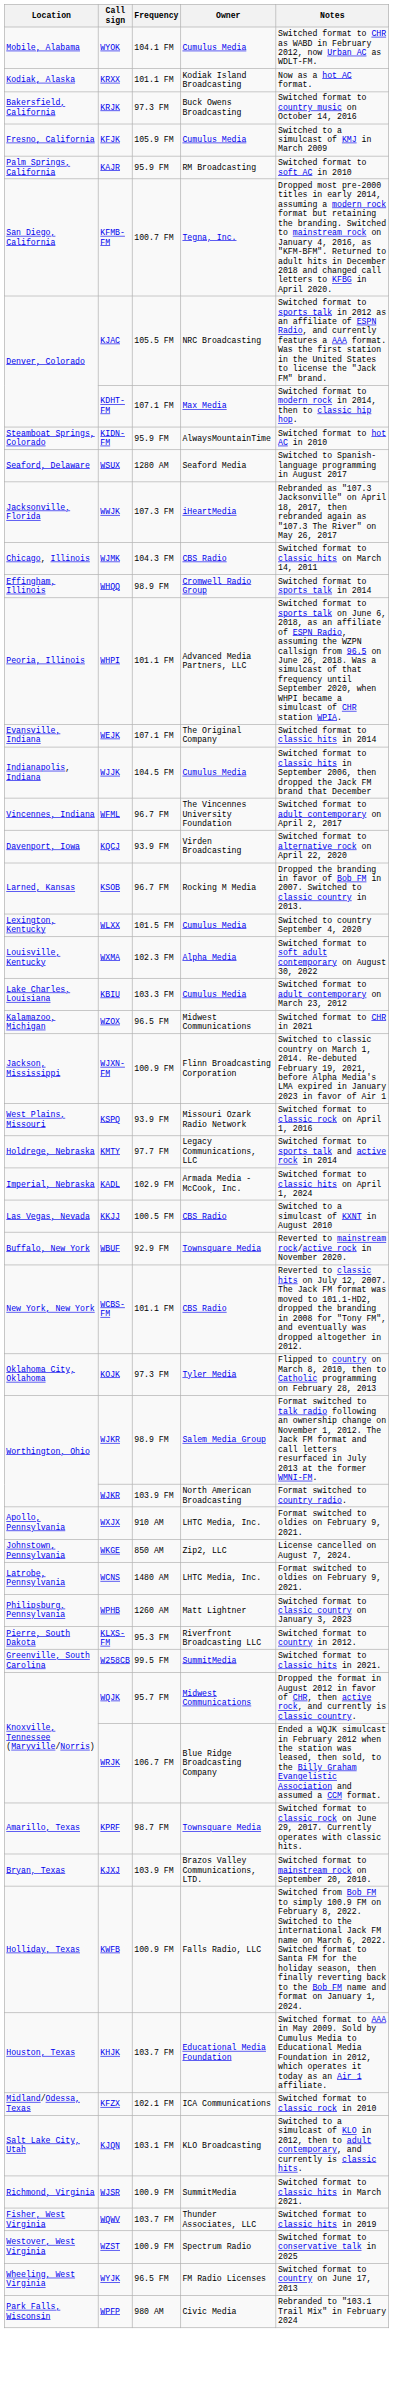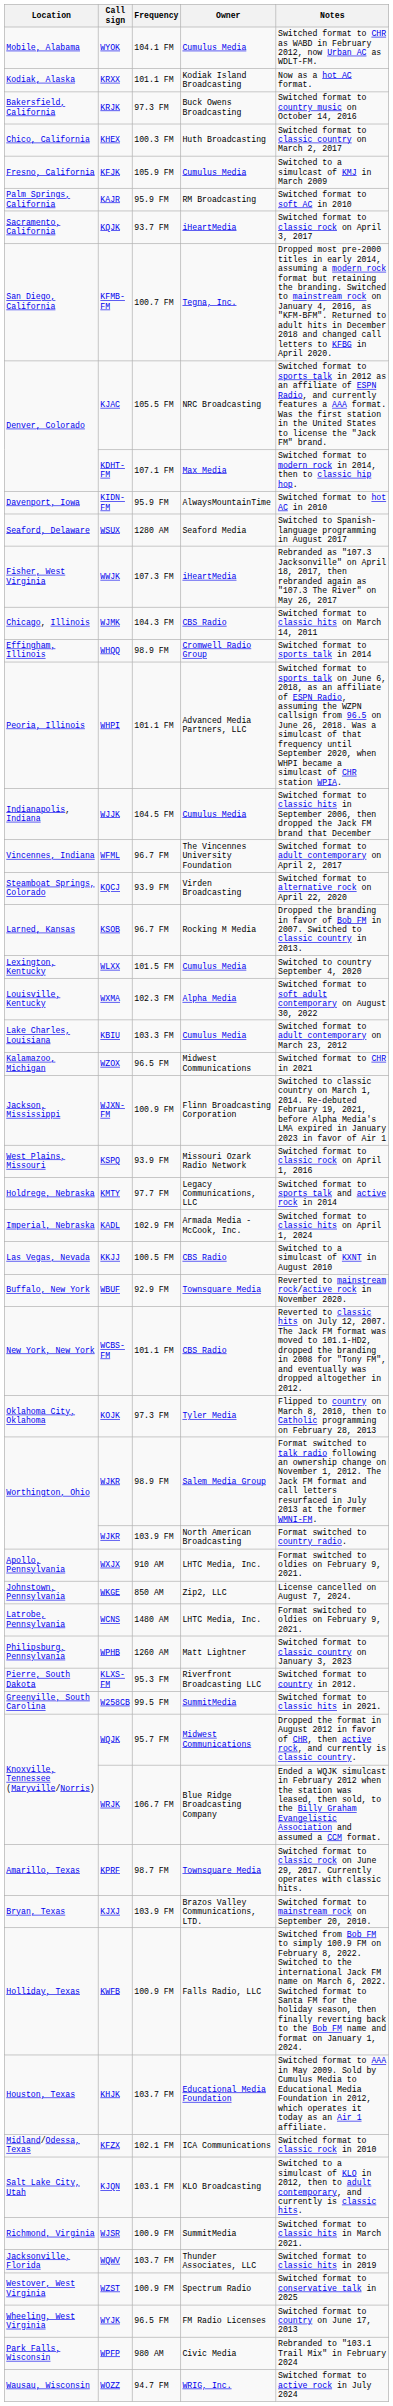 <table class="wikitable sortable">
 <tr>
 <th>Location</th>
 <th>Call sign</th>
 <th>Frequency</th>
 <th>Owner</th>
 <th>Notes</th>
 </tr>
 <tr>
 <td><a href='#'>Mobile, Alabama</a></td>
 <td><a href='#'>WYOK</a></td>
 <td>104.1 FM</td>
 <td><a href='#'>Cumulus Media</a></td>
 <td>Switched format to <a href='#'>CHR</a> as WABD in February 2012, now <a href='#'>Urban AC</a> as WDLT-FM.</td>
 </tr>
 <tr>
 <td><a href='#'>Kodiak, Alaska</a></td>
 <td><a href='#'>KRXX</a></td>
 <td>101.1 FM</td>
 <td>Kodiak Island Broadcasting</td>
 <td>Now as a <a href='#'>hot AC</a> format.</td>
 </tr>
 <tr>
 <td><a href='#'>Bakersfield, California</a></td>
 <td><a href='#'>KRJK</a></td>
 <td>97.3 FM</td>
 <td>Buck Owens Broadcasting</td>
 <td>Switched format to <a href='#'>country music</a> on October 14, 2016</td>
 </tr>
 <tr>
+<td><a href='#'>Chico, California</a></td>
+<td><a href='#'>KHEX</a></td>
+<td>100.3 FM</td>
+<td>Huth Broadcasting</td>
+<td>Switched format to <a href='#'>classic country</a> on March 2, 2017</td>
+</tr>
+<tr>
 <td><a href='#'>Fresno, California</a></td>
 <td><a href='#'>KFJK</a></td>
 <td>105.9 FM</td>
 <td><a href='#'>Cumulus Media</a></td>
 <td>Switched to a simulcast of <a href='#'>KMJ</a> in March 2009</td>
 </tr>
 <tr>
 <td><a href='#'>Palm Springs, California</a></td>
 <td><a href='#'>KAJR</a></td>
 <td>95.9 FM</td>
 <td>RM Broadcasting</td>
 <td>Switched format to <a href='#'>soft AC</a> in 2010</td>
+</tr>
+<tr>
+<td><a href='#'>Sacramento, California</a></td>
+<td><a href='#'>KQJK</a></td>
+<td>93.7 FM</td>
+<td><a href='#'>iHeartMedia</a></td>
+<td>Switched format to <a href='#'>classic rock</a> on April 3, 2017</td>
 </tr>
 <tr>
 <td><a href='#'>San Diego, California</a></td>
 <td><a href='#'>KFMB-FM</a></td>
 <td>100.7 FM</td>
 <td><a href='#'>Tegna, Inc.</a></td>
 <td>Dropped most pre-2000 titles in early 2014, assuming a <a href='#'>modern rock</a> format but retaining the branding. Switched to <a href='#'>mainstream rock</a> on January 4, 2016, as "KFM-BFM".  Returned to adult hits in December 2018 and changed call letters to <a href='#'>KFBG</a> in April 2020.</td>
 </tr>
 <tr>
 <td rowspan="2"><a href='#'>Denver, Colorado</a></td>
 <td><a href='#'>KJAC</a></td>
 <td>105.5 FM</td>
 <td>NRC Broadcasting</td>
 <td>Switched format to <a href='#'>sports talk</a> in 2012 as an affiliate of <a href='#'>ESPN Radio</a>, and currently features a <a href='#'>AAA</a> format. Was the first station in the United States to license the "Jack FM" brand.</td>
 </tr>
 <tr>
 <td><a href='#'>KDHT-FM</a></td>
 <td>107.1 FM</td>
 <td><a href='#'>Max Media</a></td>
 <td>Switched format to <a href='#'>modern rock</a> in 2014, then to <a href='#'>classic hip hop</a>.</td>
 </tr>
 <tr>
-<td><a href='#'>Steamboat Springs, Colorado</a></td>
+<td><a href='#'>Davenport, Iowa</a></td>
 <td><a href='#'>KIDN-FM</a></td>
 <td>95.9 FM</td>
 <td>AlwaysMountainTime</td>
 <td>Switched format to <a href='#'>hot AC</a> in 2010</td>
 </tr>
 <tr>
 <td><a href='#'>Seaford, Delaware</a></td>
 <td><a href='#'>WSUX</a></td>
 <td>1280 AM</td>
 <td>Seaford Media</td>
 <td>Switched to Spanish-language programming in August 2017</td>
 </tr>
 <tr>
-<td><a href='#'>Jacksonville, Florida</a></td>
+<td><a href='#'>Fisher, West Virginia</a></td>
 <td><a href='#'>WWJK</a></td>
 <td>107.3 FM</td>
 <td><a href='#'>iHeartMedia</a></td>
 <td>Rebranded as "107.3 Jacksonville" on April 18, 2017, then rebranded again as "107.3 The River" on May 26, 2017</td>
 </tr>
 <tr>
 <td><a href='#'>Chicago</a>, <a href='#'>Illinois</a></td>
 <td><a href='#'>WJMK</a></td>
 <td>104.3 FM</td>
 <td><a href='#'>CBS Radio</a></td>
 <td>Switched format to <a href='#'>classic hits</a> on March 14, 2011</td>
 </tr>
 <tr>
 <td><a href='#'>Effingham, Illinois</a></td>
 <td><a href='#'>WHQQ</a></td>
 <td>98.9 FM</td>
 <td><a href='#'>Cromwell Radio Group</a></td>
 <td>Switched format to <a href='#'>sports talk</a> in 2014</td>
 </tr>
 <tr>
 <td><a href='#'>Peoria, Illinois</a></td>
 <td><a href='#'>WHPI</a></td>
 <td>101.1 FM</td>
 <td>Advanced Media Partners, LLC</td>
 <td>Switched format to <a href='#'>sports talk</a> on June 6, 2018, as an affiliate of <a href='#'>ESPN Radio</a>, assuming the WZPN callsign from <a href='#'>96.5</a> on June 26, 2018. Was a simulcast of that frequency until September 2020, when WHPI became a simulcast of <a href='#'>CHR</a> station <a href='#'>WPIA</a>.</td>
 </tr>
 <tr>
-<td><a href='#'>Evansville, Indiana</a></td>
-<td><a href='#'>WEJK</a></td>
-<td>107.1 FM</td>
-<td>The Original Company</td>
-<td>Switched format to <a href='#'>classic hits</a> in 2014</td>
-</tr>
-<tr>
 <td><a href='#'>Indianapolis</a>, <a href='#'>Indiana</a></td>
 <td><a href='#'>WJJK</a></td>
 <td>104.5 FM</td>
 <td><a href='#'>Cumulus Media</a></td>
 <td>Switched format to <a href='#'>classic hits</a> in September 2006, then dropped the Jack FM brand that December</td>
 </tr>
 <tr>
 <td><a href='#'>Vincennes, Indiana</a></td>
 <td><a href='#'>WFML</a></td>
 <td>96.7 FM</td>
 <td>The Vincennes University Foundation</td>
 <td>Switched format to <a href='#'>adult contemporary</a> on April 2, 2017</td>
 </tr>
 <tr>
-<td><a href='#'>Davenport, Iowa</a></td>
+<td><a href='#'>Steamboat Springs, Colorado</a></td>
 <td><a href='#'>KQCJ</a></td>
 <td>93.9 FM</td>
 <td>Virden Broadcasting</td>
 <td>Switched format to <a href='#'>alternative rock</a> on April 22, 2020</td>
 </tr>
 <tr>
 <td><a href='#'>Larned, Kansas</a></td>
 <td><a href='#'>KSOB</a></td>
 <td>96.7 FM</td>
 <td>Rocking M Media</td>
 <td>Dropped the branding in favor of <a href='#'>Bob FM</a> in 2007. Switched to <a href='#'>classic country</a> in 2013.</td>
 </tr>
 <tr>
 <td><a href='#'>Lexington, Kentucky</a></td>
 <td><a href='#'>WLXX</a></td>
 <td>101.5 FM</td>
 <td><a href='#'>Cumulus Media</a></td>
 <td>Switched to country September 4, 2020</td>
 </tr>
 <tr>
 <td><a href='#'>Louisville, Kentucky</a></td>
 <td><a href='#'>WXMA</a></td>
 <td>102.3 FM</td>
 <td><a href='#'>Alpha Media</a></td>
 <td>Switched format to <a href='#'>soft adult contemporary</a> on August 30, 2022</td>
 </tr>
 <tr>
 <td><a href='#'>Lake Charles, Louisiana</a></td>
 <td><a href='#'>KBIU</a></td>
 <td>103.3 FM</td>
 <td><a href='#'>Cumulus Media</a></td>
 <td>Switched format to <a href='#'>adult contemporary</a> on March 23, 2012</td>
 </tr>
 <tr>
 <td><a href='#'>Kalamazoo, Michigan</a></td>
 <td><a href='#'>WZOX</a></td>
 <td>96.5 FM</td>
 <td>Midwest Communications</td>
 <td>Switched format to <a href='#'>CHR</a> in 2021</td>
 </tr>
 <tr>
 <td><a href='#'>Jackson, Mississippi</a></td>
 <td><a href='#'>WJXN-FM</a></td>
 <td>100.9 FM</td>
 <td>Flinn Broadcasting Corporation</td>
 <td>Switched to classic country on March 1, 2014.  Re-debuted February 19, 2021, before Alpha Media's LMA expired in January 2023 in favor of Air 1</td>
 </tr>
 <tr>
 <td><a href='#'>West Plains, Missouri</a></td>
 <td><a href='#'>KSPQ</a></td>
 <td>93.9 FM</td>
 <td>Missouri Ozark Radio Network</td>
 <td>Switched format to <a href='#'>classic rock</a> on April 1, 2016</td>
 </tr>
 <tr>
 <td><a href='#'>Holdrege, Nebraska</a></td>
 <td><a href='#'>KMTY</a></td>
 <td>97.7 FM</td>
 <td>Legacy Communications, LLC</td>
 <td>Switched format to <a href='#'>sports talk</a> and <a href='#'>active rock</a> in 2014</td>
 </tr>
 <tr>
 <td><a href='#'>Imperial, Nebraska</a></td>
 <td><a href='#'>KADL</a></td>
 <td>102.9 FM</td>
 <td>Armada Media - McCook, Inc.</td>
 <td>Switched format to <a href='#'>classic hits</a> on April 1, 2024</td>
 </tr>
 <tr>
 <td><a href='#'>Las Vegas, Nevada</a></td>
 <td><a href='#'>KKJJ</a></td>
 <td>100.5 FM</td>
 <td><a href='#'>CBS Radio</a></td>
 <td>Switched to a simulcast of <a href='#'>KXNT</a> in August 2010</td>
 </tr>
 <tr>
 <td><a href='#'>Buffalo, New York</a></td>
 <td><a href='#'>WBUF</a></td>
 <td>92.9 FM</td>
 <td><a href='#'>Townsquare Media</a></td>
 <td>Reverted to <a href='#'>mainstream rock</a>/<a href='#'>active rock</a> in November 2020.</td>
 </tr>
 <tr>
 <td><a href='#'>New York, New York</a></td>
 <td><a href='#'>WCBS-FM</a></td>
 <td>101.1 FM</td>
 <td><a href='#'>CBS Radio</a></td>
 <td>Reverted to <a href='#'>classic hits</a> on July 12, 2007. The Jack FM format was moved to 101.1-HD2, dropped the branding in 2008 for "Tony FM", and eventually was dropped altogether in 2012.</td>
 </tr>
 <tr>
 <td><a href='#'>Oklahoma City, Oklahoma</a></td>
 <td><a href='#'>KOJK</a></td>
 <td>97.3 FM</td>
 <td><a href='#'>Tyler Media</a></td>
 <td>Flipped to <a href='#'>country</a> on March 8, 2010, then to <a href='#'>Catholic</a> programming on February 28, 2013</td>
 </tr>
 <tr>
 <td rowspan="2"><a href='#'>Worthington, Ohio</a></td>
 <td><a href='#'>WJKR</a></td>
 <td>98.9 FM</td>
 <td><a href='#'>Salem Media Group</a></td>
 <td>Format switched to <a href='#'>talk radio</a> following an ownership change on November 1, 2012. The Jack FM format and call letters resurfaced in July 2013 at the former <a href='#'>WMNI-FM</a>.</td>
 </tr>
 <tr>
 <td><a href='#'>WJKR</a></td>
 <td>103.9 FM</td>
 <td>North American Broadcasting</td>
 <td>Format switched to <a href='#'>country radio</a>.</td>
 </tr>
 <tr>
 <td><a href='#'>Apollo, Pennsylvania</a></td>
 <td><a href='#'>WXJX</a></td>
 <td>910 AM</td>
 <td>LHTC Media, Inc.</td>
 <td>Format switched to oldies on February 9, 2021.</td>
 </tr>
 <tr>
 <td><a href='#'>Johnstown, Pennsylvania</a></td>
 <td><a href='#'>WKGE</a></td>
 <td>850 AM</td>
 <td>Zip2, LLC</td>
 <td>License cancelled on August 7, 2024.</td>
 </tr>
 <tr>
 <td><a href='#'>Latrobe, Pennsylvania</a></td>
 <td><a href='#'>WCNS</a></td>
 <td>1480 AM</td>
 <td>LHTC Media, Inc.</td>
 <td>Format switched to oldies on February 9, 2021.</td>
 </tr>
 <tr>
 <td><a href='#'>Philipsburg, Pennsylvania</a></td>
 <td><a href='#'>WPHB</a></td>
 <td>1260 AM</td>
 <td>Matt Lightner</td>
 <td>Switched format to <a href='#'>classic country</a> on January 3, 2023</td>
 </tr>
 <tr>
 <td><a href='#'>Pierre, South Dakota</a></td>
 <td><a href='#'>KLXS-FM</a></td>
 <td>95.3 FM</td>
 <td>Riverfront Broadcasting LLC</td>
 <td>Switched format to <a href='#'>country</a> in 2012.</td>
 </tr>
 <tr>
 <td><a href='#'>Greenville, South Carolina</a></td>
 <td><a href='#'>W258CB</a></td>
 <td>99.5 FM</td>
 <td><a href='#'>SummitMedia</a></td>
 <td>Switched format to <a href='#'>classic hits</a> in 2021.</td>
 </tr>
 <tr>
 <td rowspan="2"><a href='#'>Knoxville, Tennessee</a><br>(<a href='#'>Maryville</a>/<a href='#'>Norris</a>)</td>
 <td><a href='#'>WQJK</a></td>
 <td>95.7 FM</td>
 <td><a href='#'>Midwest Communications</a></td>
 <td>Dropped the format in August 2012 in favor of <a href='#'>CHR</a>, then <a href='#'>active rock</a>, and currently is <a href='#'>classic country</a>.</td>
 </tr>
 <tr>
 <td><a href='#'>WRJK</a></td>
 <td>106.7 FM</td>
 <td>Blue Ridge Broadcasting Company</td>
 <td>Ended a WQJK simulcast in February 2012 when the station was leased, then sold, to the <a href='#'>Billy Graham Evangelistic Association</a> and assumed a <a href='#'>CCM</a> format.</td>
 </tr>
 <tr>
 <td><a href='#'>Amarillo, Texas</a></td>
 <td><a href='#'>KPRF</a></td>
 <td>98.7 FM</td>
 <td><a href='#'>Townsquare Media</a></td>
 <td>Switched format to <a href='#'>classic rock</a> on June 29, 2017. Currently operates with classic hits.</td>
 </tr>
 <tr>
 <td><a href='#'>Bryan, Texas</a></td>
 <td><a href='#'>KJXJ</a></td>
 <td>103.9 FM</td>
 <td>Brazos Valley Communications, LTD.</td>
 <td>Switched format to <a href='#'>mainstream rock</a> on September 20, 2010.</td>
 </tr>
 <tr>
 <td><a href='#'>Holliday, Texas</a></td>
 <td><a href='#'>KWFB</a></td>
 <td>100.9 FM</td>
 <td>Falls Radio, LLC</td>
 <td>Switched from <a href='#'>Bob FM</a> to simply 100.9 FM on February 8, 2022.<br>Switched to the international Jack FM name on March 6, 2022. Switched format to Santa FM for the holiday season, then finally reverting back to the <a href='#'>Bob FM</a> name and format on January 1, 2024.</td>
 </tr>
 <tr>
 <td><a href='#'>Houston, Texas</a></td>
 <td><a href='#'>KHJK</a></td>
 <td>103.7 FM</td>
 <td><a href='#'>Educational Media Foundation</a></td>
 <td>Switched format to <a href='#'>AAA</a> in May 2009. Sold by Cumulus Media to Educational Media Foundation in 2012, which operates it today as an <a href='#'>Air 1</a> affiliate.</td>
 </tr>
 <tr>
 <td><a href='#'>Midland</a>/<a href='#'>Odessa, Texas</a></td>
 <td><a href='#'>KFZX</a></td>
 <td>102.1 FM</td>
 <td>ICA Communications</td>
 <td>Switched format to <a href='#'>classic rock</a> in 2010</td>
 </tr>
 <tr>
 <td><a href='#'>Salt Lake City, Utah</a></td>
 <td><a href='#'>KJQN</a></td>
 <td>103.1 FM</td>
 <td>KLO Broadcasting</td>
 <td>Switched to a simulcast of <a href='#'>KLO</a> in 2012, then to <a href='#'>adult contemporary</a>, and currently is <a href='#'>classic hits</a>.</td>
 </tr>
 <tr>
 <td><a href='#'>Richmond, Virginia</a></td>
 <td><a href='#'>WJSR</a></td>
 <td>100.9 FM</td>
 <td>SummitMedia</td>
 <td>Switched format to <a href='#'>classic hits</a> in March 2021.</td>
 </tr>
 <tr>
-<td><a href='#'>Fisher, West Virginia</a></td>
+<td><a href='#'>Jacksonville, Florida</a></td>
 <td><a href='#'>WQWV</a></td>
 <td>103.7 FM</td>
 <td>Thunder Associates, LLC</td>
 <td>Switched format to <a href='#'>classic hits</a> in 2019</td>
 </tr>
 <tr>
 <td><a href='#'>Westover, West Virginia</a></td>
 <td><a href='#'>WZST</a></td>
 <td>100.9 FM</td>
 <td>Spectrum Radio</td>
 <td>Switched format to <a href='#'>conservative talk</a> in 2025</td>
 </tr>
 <tr>
 <td><a href='#'>Wheeling, West Virginia</a></td>
 <td><a href='#'>WYJK</a></td>
 <td>96.5 FM</td>
 <td>FM Radio Licenses</td>
 <td>Switched format to <a href='#'>country</a> on June 17, 2013</td>
 </tr>
 <tr>
 <td><a href='#'>Park Falls, Wisconsin</a></td>
 <td><a href='#'>WPFP</a></td>
 <td>980 AM</td>
 <td>Civic Media</td>
 <td>Rebranded to "103.1 Trail Mix" in February 2024</td>
 </tr>
+<tr>
+<td><a href='#'>Wausau, Wisconsin</a></td>
+<td><a href='#'>WOZZ</a></td>
+<td>94.7 FM</td>
+<td><a href='#'>WRIG, Inc.</a></td>
+<td>Switched format to <a href='#'>active rock</a> in July 2024</td>
+</tr>
 </table>
